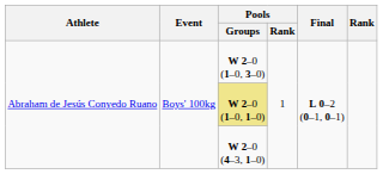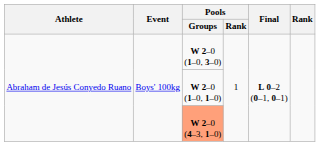 <table class="wikitable" style="text-align:left; font-size:90%">
 <tr>
 <th rowspan="2">Athlete</th>
 <th rowspan="2">Event</th>
 <th colspan="2">Pools</th>
 <th rowspan="2">Final</th>
 <th rowspan="2">Rank</th>
 </tr>
 <tr>
 <th>Groups</th>
 <th>Rank</th>
 </tr>
 <tr>
 <td rowspan="3"><a href='#'>Abraham de Jesús Conyedo Ruano</a></td>
 <td rowspan="3"><a href='#'>Boys' 100kg</a></td>
 <td align=center><br><strong>W</strong> <strong>2</strong>–0<br>(<strong>1</strong>–0, <strong>3</strong>–0)</td>
 <td rowspan="3" align=center>1</td>
 <td align=center rowspan=3><br><strong>L</strong> <strong>0</strong>–2<br>(<strong>0</strong>–1, <strong>0</strong>–1)</td>
 <td rowspan="3" align="center"></td>
 </tr>
 <tr>
-<td align=center style="background: khaki;"><br><strong>W</strong> <strong>2</strong>–0<br>(<strong>1</strong>–0, <strong>1</strong>–0)</td>
+<td align=center><br><strong>W</strong> <strong>2</strong>–0<br>(<strong>1</strong>–0, <strong>1</strong>–0)</td>
 </tr>
 <tr>
-<td align=center><br><strong>W</strong> <strong>2</strong>–0<br>(<strong>4</strong>–3, <strong>1</strong>–0)</td>
+<td align=center style="background: lightsalmon;"><br><strong>W</strong> <strong>2</strong>–0<br>(<strong>4</strong>–3, <strong>1</strong>–0)</td>
 </tr>
 </table>
